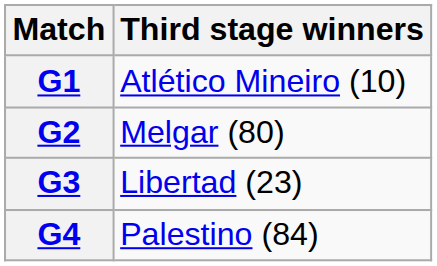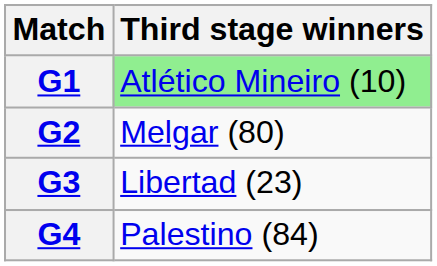 <table class="wikitable">
 <tr>
 <th>Match</th>
 <th>Third stage winners</th>
 </tr>
 <tr>
 <th><a href='#'>G1</a></th>
-<td> <a href='#'>Atlético Mineiro</a> (10)</td>
+<td style="background: lightgreen;"> <a href='#'>Atlético Mineiro</a> (10)</td>
 </tr>
 <tr>
 <th><a href='#'>G2</a></th>
 <td> <a href='#'>Melgar</a> (80)</td>
 </tr>
 <tr>
 <th><a href='#'>G3</a></th>
 <td> <a href='#'>Libertad</a> (23)</td>
 </tr>
 <tr>
 <th><a href='#'>G4</a></th>
 <td> <a href='#'>Palestino</a> (84)</td>
 </tr>
 </table>
